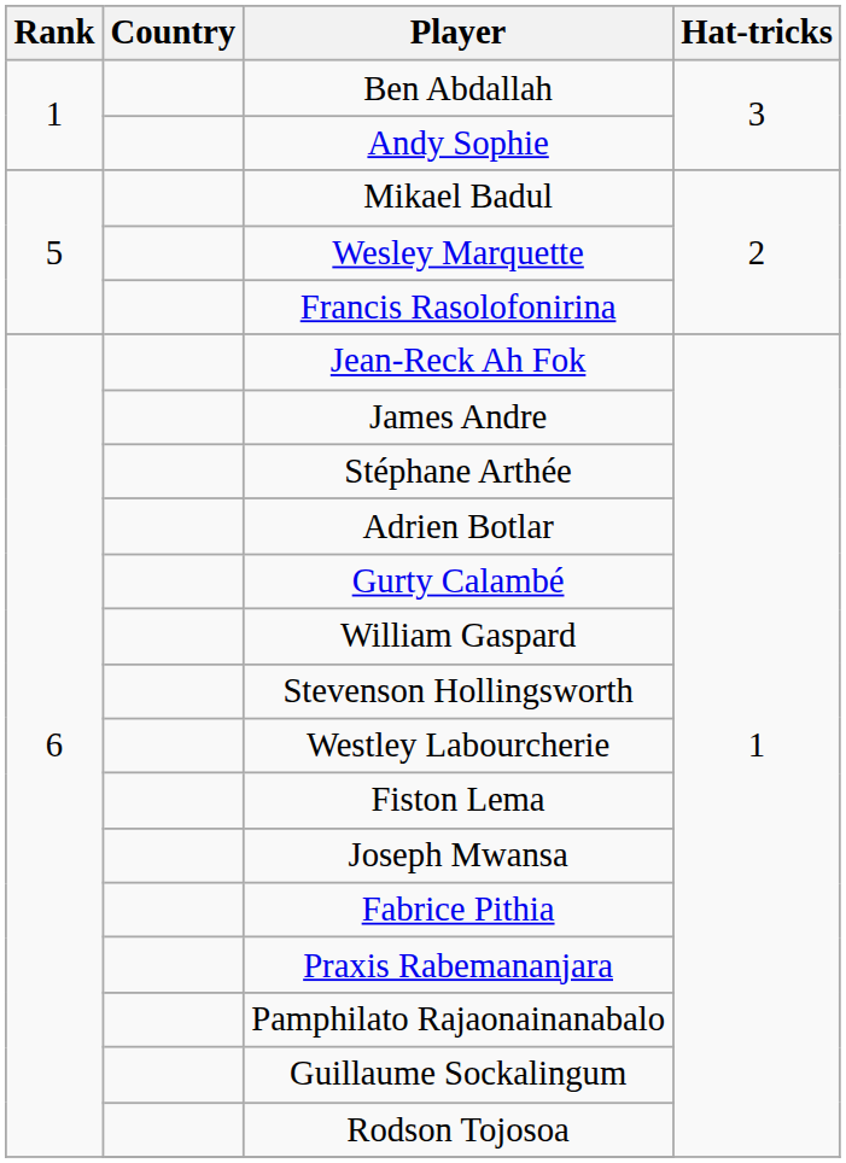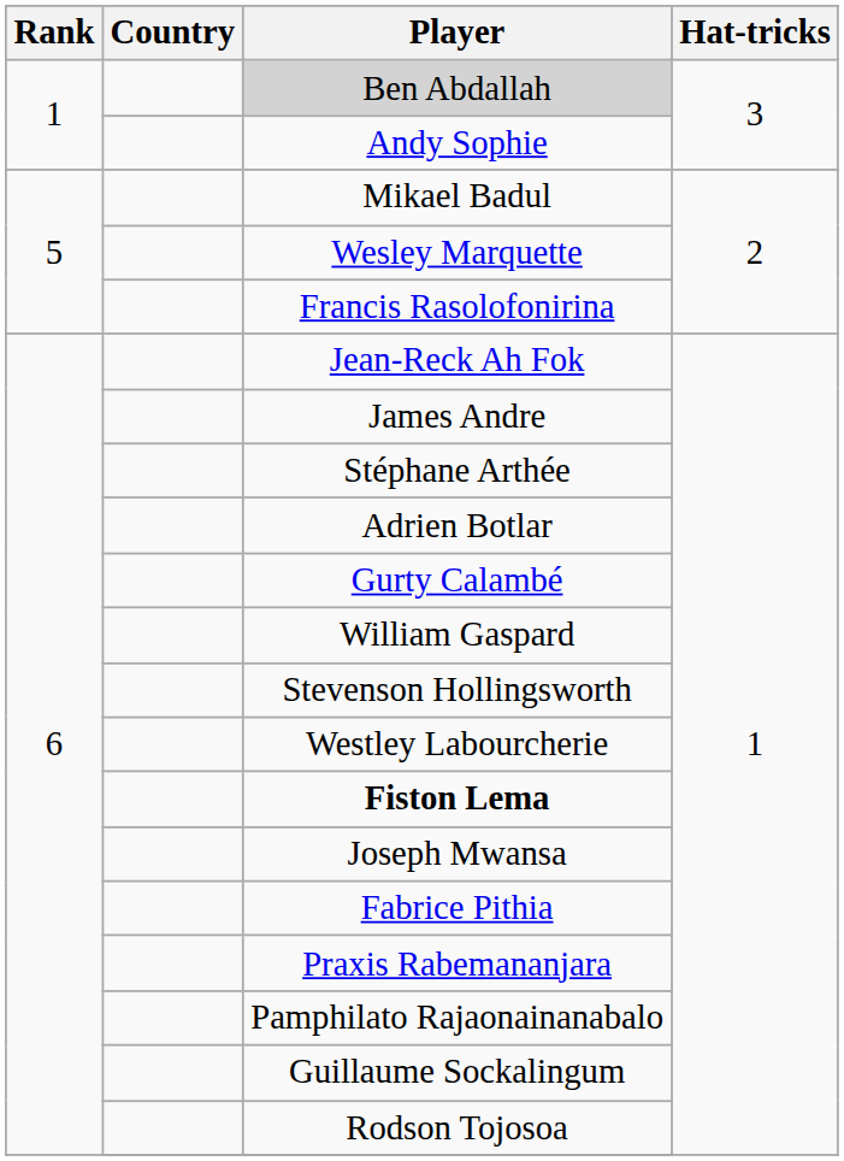 <table class="wikitable" style="text-align:center;">
 <tr>
 <th>Rank</th>
 <th>Country</th>
 <th>Player</th>
 <th>Hat-tricks</th>
 </tr>
 <tr>
 <td rowspan=2>1</td>
 <td></td>
-<td>Ben Abdallah</td>
+<td style="background: lightgrey;">Ben Abdallah</td>
 <td rowspan=2>3</td>
 </tr>
 <tr>
 <td></td>
 <td><a href='#'>Andy Sophie</a></td>
 </tr>
 <tr>
 <td rowspan=3>5</td>
 <td></td>
 <td>Mikael Badul</td>
 <td rowspan=3>2</td>
 </tr>
 <tr>
 <td></td>
 <td><a href='#'>Wesley Marquette</a></td>
 </tr>
 <tr>
 <td></td>
 <td><a href='#'>Francis Rasolofonirina</a></td>
 </tr>
 <tr>
 <td rowspan=20>6</td>
 <td></td>
 <td><a href='#'>Jean-Reck Ah Fok</a></td>
 <td rowspan=20>1</td>
 </tr>
 <tr>
 <td></td>
 <td>James Andre</td>
 </tr>
 <tr>
 <td></td>
 <td>Stéphane Arthée</td>
 </tr>
 <tr>
 <td></td>
 <td>Adrien Botlar</td>
 </tr>
 <tr>
 <td></td>
 <td><a href='#'>Gurty Calambé</a></td>
 </tr>
 <tr>
 <td></td>
 <td>William Gaspard</td>
 </tr>
 <tr>
 <td></td>
 <td>Stevenson Hollingsworth</td>
 </tr>
 <tr>
 <td></td>
 <td>Westley Labourcherie</td>
 </tr>
 <tr>
 <td></td>
-<td>Fiston Lema</td>
+<td><strong>Fiston Lema</strong></td>
 </tr>
 <tr>
 <td></td>
 <td>Joseph Mwansa</td>
 </tr>
 <tr>
 <td></td>
 <td><a href='#'>Fabrice Pithia</a></td>
 </tr>
 <tr>
 <td></td>
 <td><a href='#'>Praxis Rabemananjara</a></td>
 </tr>
 <tr>
 <td></td>
 <td>Pamphilato Rajaonainanabalo</td>
 </tr>
 <tr>
 <td></td>
 <td>Guillaume Sockalingum</td>
 </tr>
 <tr>
 <td></td>
 <td>Rodson Tojosoa</td>
 </tr>
 <tr>
 </tr>
 </table>
